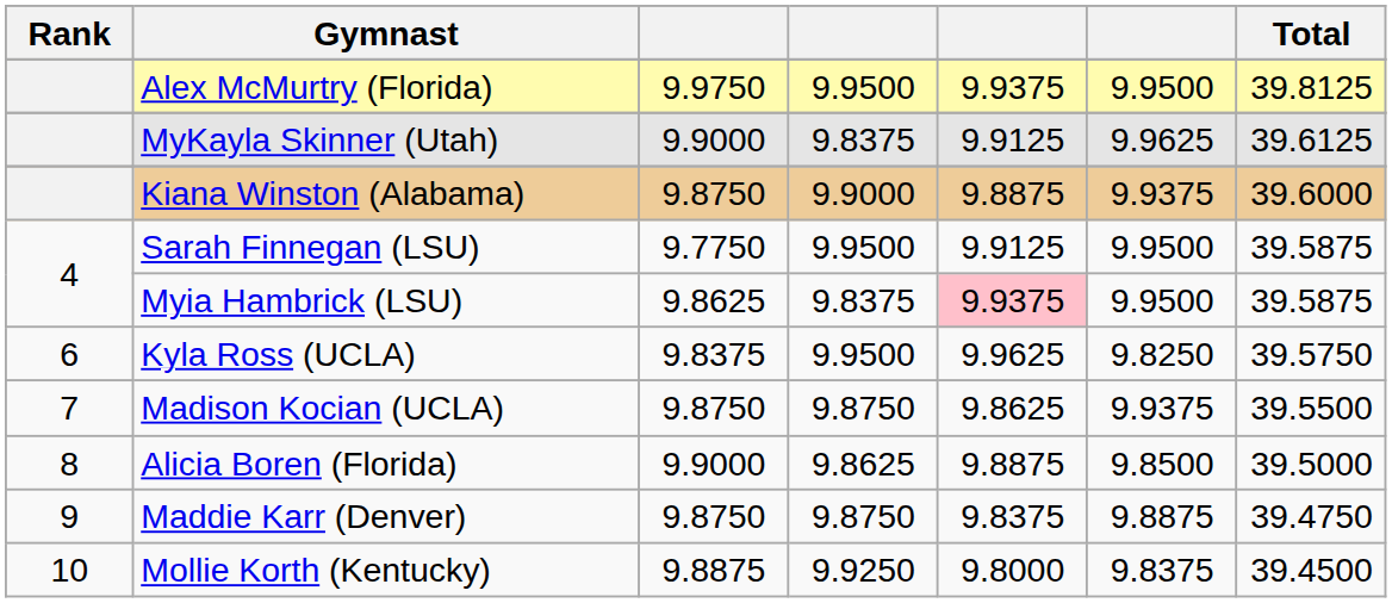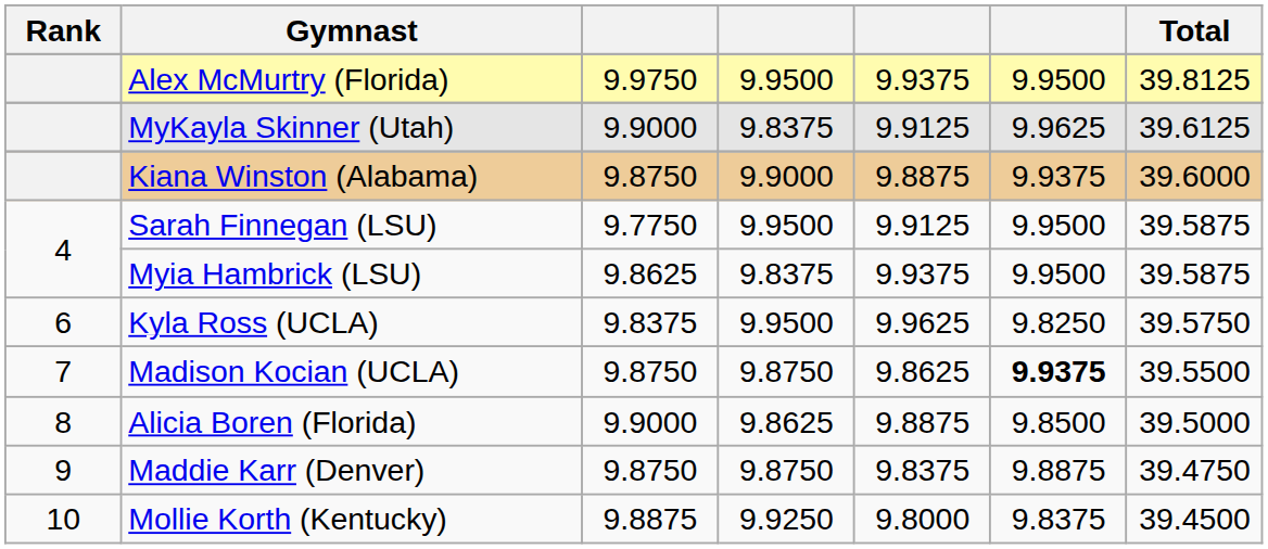 <table class="wikitable sortable" style="text-align:center; font-size:95%">
 <tr>
 <th scope="col" style="width:50px;">Rank</th>
 <th scope="col" style="width:220px;">Gymnast</th>
 <th scope="col" style="width:60px;"></th>
 <th scope="col" style="width:60px;"></th>
 <th scope="col" style="width:60px;"></th>
 <th scope="col" style="width:60px;"></th>
 <th scope="col" style="width:60px;">Total</th>
 </tr>
 <tr>
 </tr>
 <tr style="background:#fffcaf;">
 <th scope=row style="text-align:center"></th>
 <td style="text-align:left;"><a href='#'>Alex McMurtry</a> (Florida)</td>
 <td>9.9750</td>
 <td>9.9500</td>
 <td>9.9375</td>
 <td>9.9500</td>
 <td>39.8125</td>
 </tr>
 <tr>
 </tr>
 <tr style="background:#e5e5e5;">
 <th scope=row style="text-align:center"></th>
 <td style="text-align:left;"><a href='#'>MyKayla Skinner</a> (Utah)</td>
 <td>9.9000</td>
 <td>9.8375</td>
 <td>9.9125</td>
 <td>9.9625</td>
 <td>39.6125</td>
 </tr>
 <tr>
 </tr>
 <tr style="background:#ec9;">
 <th scope=row style="text-align:center"></th>
 <td style="text-align:left;"><a href='#'>Kiana Winston</a> (Alabama)</td>
 <td>9.8750</td>
 <td>9.9000</td>
 <td>9.8875</td>
 <td>9.9375</td>
 <td>39.6000</td>
 </tr>
 <tr>
 <td rowspan="2">4</td>
 <td style="text-align:left;"><a href='#'>Sarah Finnegan</a> (LSU)</td>
 <td>9.7750</td>
 <td>9.9500</td>
 <td>9.9125</td>
 <td>9.9500</td>
 <td>39.5875</td>
 </tr>
 <tr>
 <td style="text-align:left;"><a href='#'>Myia Hambrick</a> (LSU)</td>
 <td>9.8625</td>
 <td>9.8375</td>
-<td style="background: pink;">9.9375</td>
+<td>9.9375</td>
 <td>9.9500</td>
 <td>39.5875</td>
 </tr>
 <tr>
 <td>6</td>
 <td style="text-align:left;"><a href='#'>Kyla Ross</a> (UCLA)</td>
 <td>9.8375</td>
 <td>9.9500</td>
 <td>9.9625</td>
 <td>9.8250</td>
 <td>39.5750</td>
 </tr>
 <tr>
 <td>7</td>
 <td style="text-align:left;"><a href='#'>Madison Kocian</a> (UCLA)</td>
 <td>9.8750</td>
 <td>9.8750</td>
 <td>9.8625</td>
-<td>9.9375</td>
+<td><strong>9.9375</strong></td>
 <td>39.5500</td>
 </tr>
 <tr>
 <td>8</td>
 <td style="text-align:left;"><a href='#'>Alicia Boren</a> (Florida)</td>
 <td>9.9000</td>
 <td>9.8625</td>
 <td>9.8875</td>
 <td>9.8500</td>
 <td>39.5000</td>
 </tr>
 <tr>
 <td>9</td>
 <td style="text-align:left;"><a href='#'>Maddie Karr</a> (Denver)</td>
 <td>9.8750</td>
 <td>9.8750</td>
 <td>9.8375</td>
 <td>9.8875</td>
 <td>39.4750</td>
 </tr>
 <tr>
 <td>10</td>
 <td style="text-align:left;"><a href='#'>Mollie Korth</a> (Kentucky)</td>
 <td>9.8875</td>
 <td>9.9250</td>
 <td>9.8000</td>
 <td>9.8375</td>
 <td>39.4500</td>
 </tr>
 </table>
